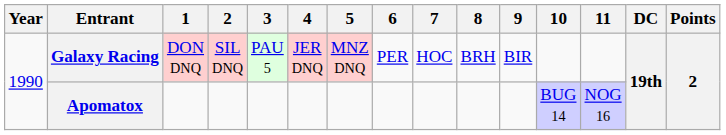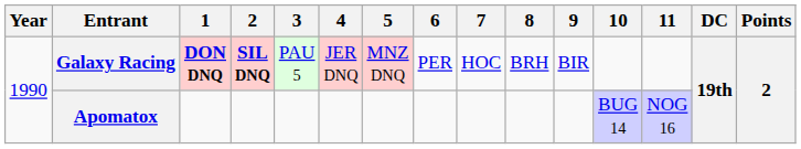 <table class="wikitable" style="text-align:center; font-size:90%">
 <tr>
 <th>Year</th>
 <th>Entrant</th>
 <th>1</th>
 <th>2</th>
 <th>3</th>
 <th>4</th>
 <th>5</th>
 <th>6</th>
 <th>7</th>
 <th>8</th>
 <th>9</th>
 <th>10</th>
 <th>11</th>
 <th>DC</th>
 <th>Points</th>
 </tr>
 <tr>
 <td rowspan=2><a href='#'>1990</a></td>
 <th><a href='#'>Galaxy Racing</a></th>
-<td style="background:#FFCFCF;"><a href='#'>DON</a><br><small>DNQ</small></td>
-<td style="background:#FFCFCF;"><a href='#'>SIL</a><br><small>DNQ</small></td>
+<td style="background:#FFCFCF;"><strong><a href='#'>DON</a><br><small>DNQ</small></strong></td>
+<td style="background:#FFCFCF;"><strong><a href='#'>SIL</a><br><small>DNQ</small></strong></td>
 <td style="background:#DFFFDF;"><a href='#'>PAU</a><br><small>5</small></td>
 <td style="background:#FFCFCF;"><a href='#'>JER</a><br><small>DNQ</small></td>
 <td style="background:#FFCFCF;"><a href='#'>MNZ</a><br><small>DNQ</small></td>
 <td><a href='#'>PER</a><br><small></small></td>
 <td><a href='#'>HOC</a><br><small></small></td>
 <td><a href='#'>BRH</a><br><small></small></td>
 <td><a href='#'>BIR</a><br><small></small></td>
 <td></td>
 <td></td>
 <th rowspan=2>19th</th>
 <th rowspan=2>2</th>
 </tr>
 <tr>
 <th><a href='#'>Apomatox</a></th>
 <td></td>
 <td></td>
 <td></td>
 <td></td>
 <td></td>
 <td></td>
 <td></td>
 <td></td>
 <td></td>
 <td style="background:#CFCFFF;"><a href='#'>BUG</a><br><small>14</small></td>
 <td style="background:#CFCFFF;"><a href='#'>NOG</a><br><small>16</small></td>
 </tr>
 </table>
